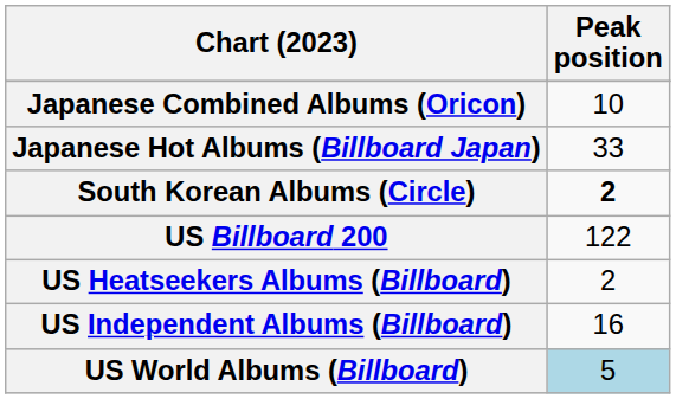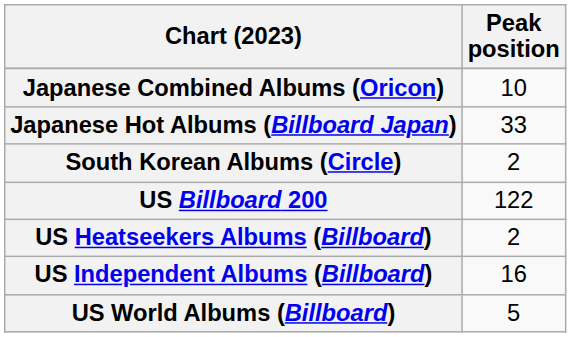 <table class="wikitable sortable plainrowheaders" style="text-align:center;">
 <tr>
 <th scope="col">Chart (2023)</th>
 <th scope="col">Peak<br>position</th>
 </tr>
 <tr>
 </tr>
 <tr>
 </tr>
 <tr>
 <th scope="row">Japanese Combined Albums (<a href='#'>Oricon</a>)</th>
 <td>10</td>
 </tr>
 <tr>
 <th scope="row">Japanese Hot Albums (<em><a href='#'>Billboard Japan</a></em>)</th>
 <td>33</td>
 </tr>
 <tr>
 <th scope="row">South Korean Albums (<a href='#'>Circle</a>)</th>
-<td><strong>2</strong></td>
+<td>2</td>
 </tr>
 <tr>
 <th scope="row">US <a href='#'><em>Billboard</em> 200</a></th>
 <td>122</td>
 </tr>
 <tr>
 <th scope="row">US <a href='#'>Heatseekers Albums</a> (<em><a href='#'>Billboard</a></em>)</th>
 <td>2</td>
 </tr>
 <tr>
 <th scope="row">US <a href='#'>Independent Albums</a> (<em><a href='#'>Billboard</a></em>)</th>
 <td>16</td>
 </tr>
 <tr>
 <th scope="row">US World Albums (<em><a href='#'>Billboard</a></em>)</th>
-<td style="background: lightblue;">5</td>
+<td>5</td>
 </tr>
 </table>
